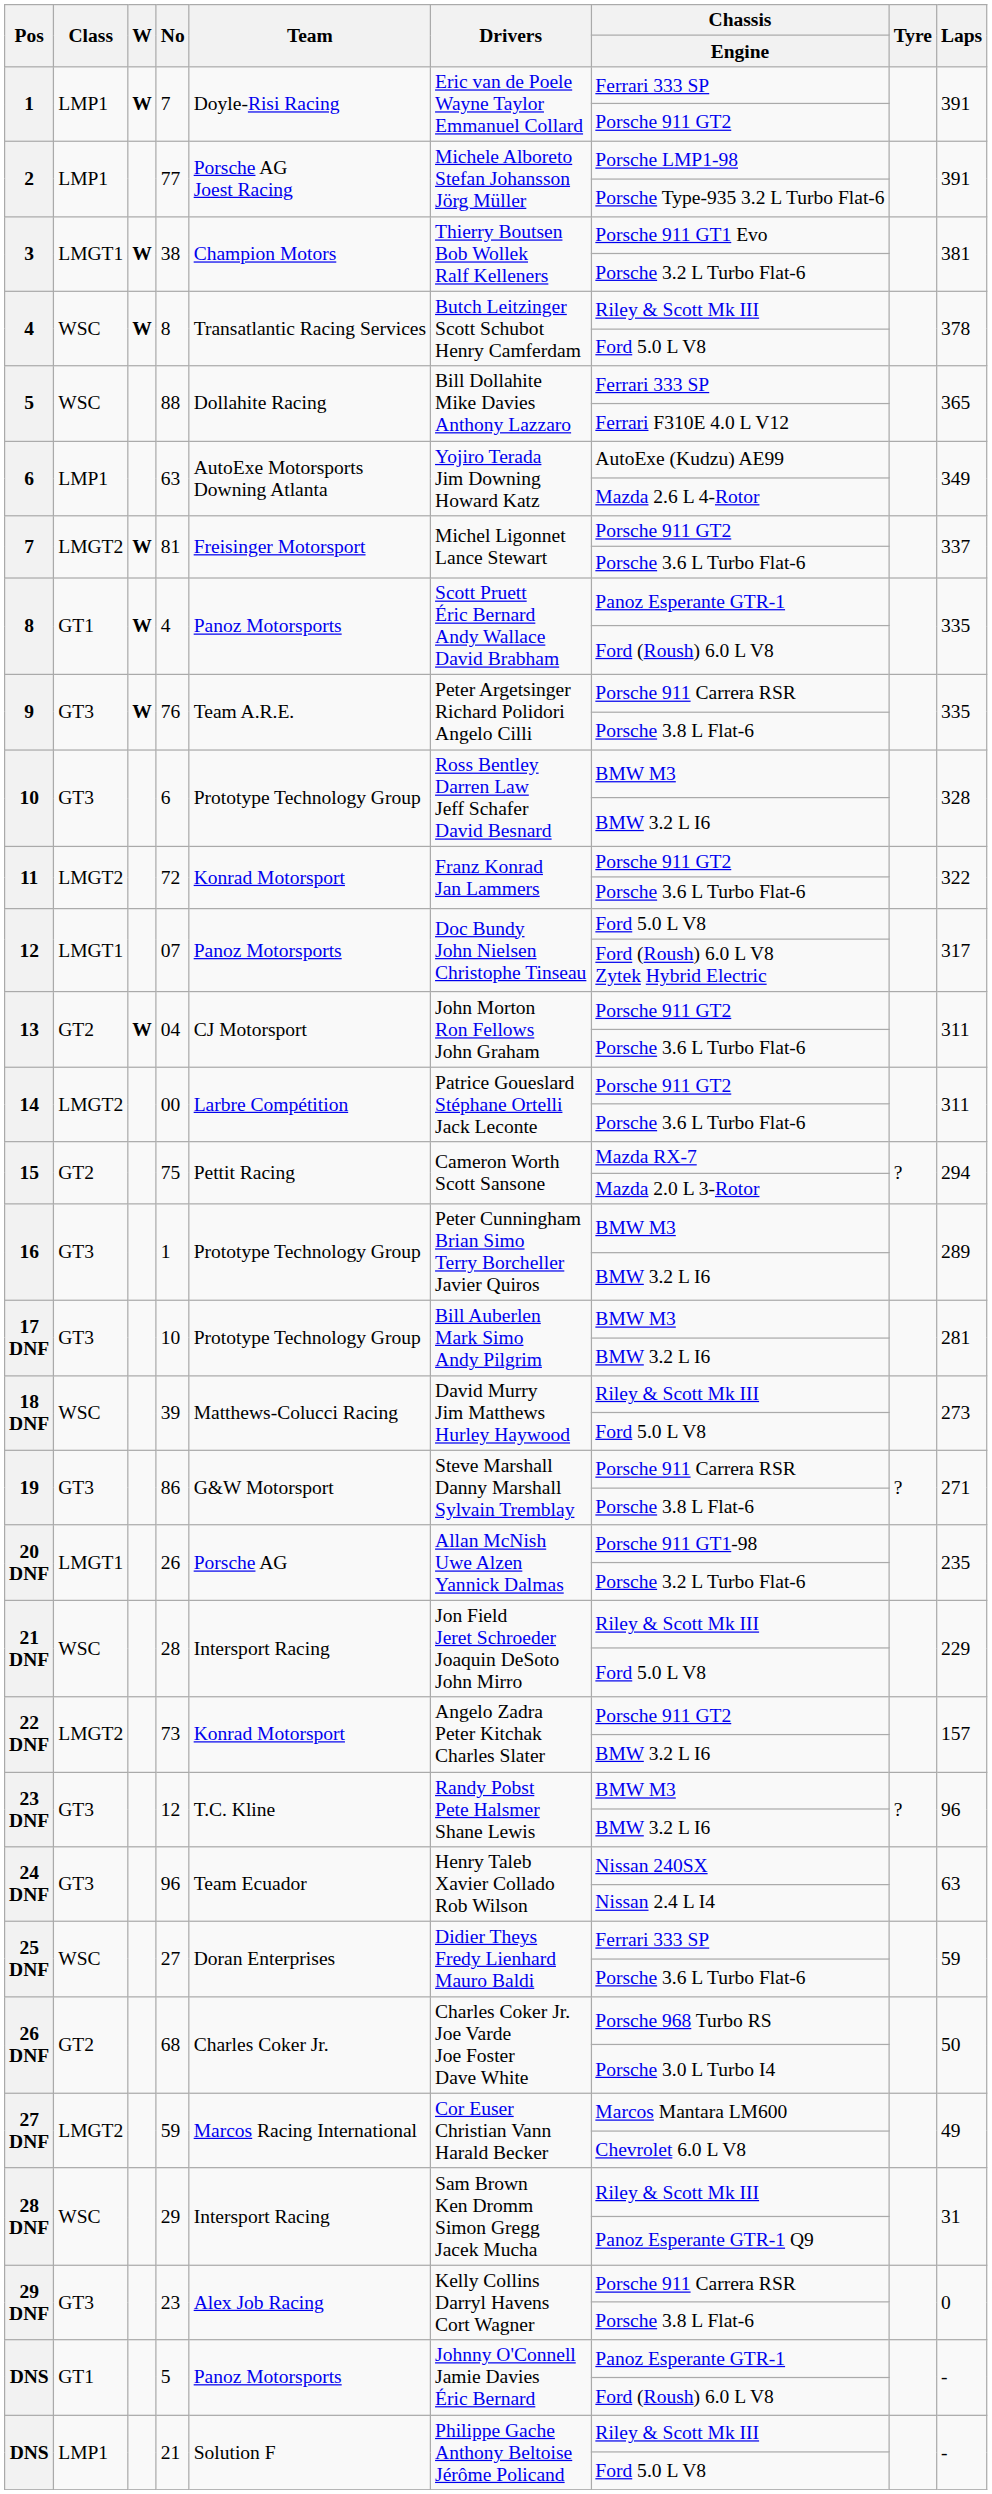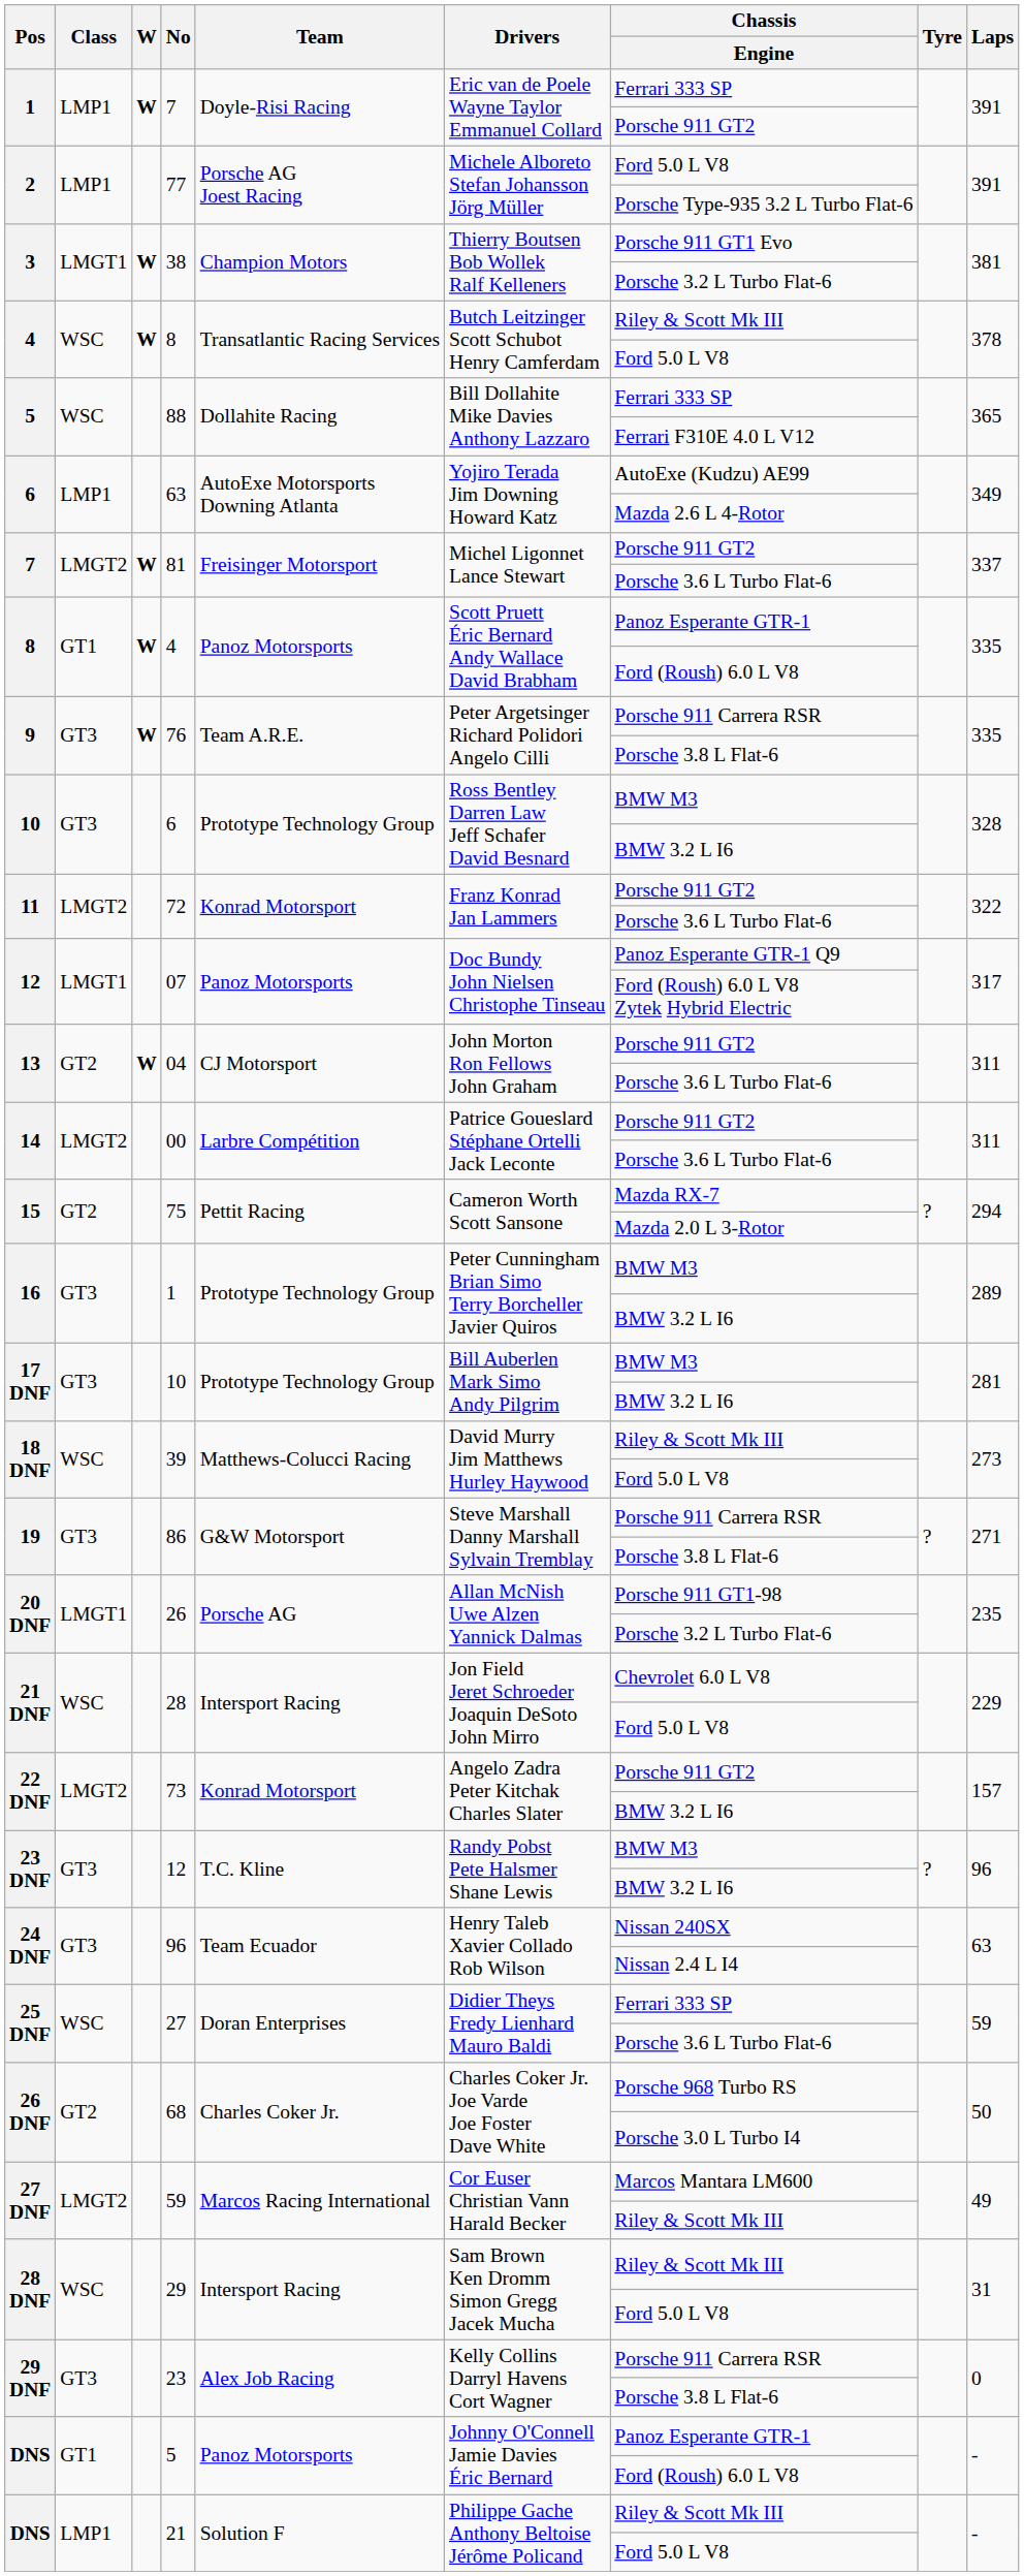 <table class="wikitable">
 <tr>
 <th rowspan=2>Pos</th>
 <th rowspan=2>Class</th>
 <th rowspan=2>W</th>
 <th rowspan=2>No</th>
 <th rowspan=2>Team</th>
 <th rowspan=2>Drivers</th>
 <th>Chassis</th>
 <th rowspan=2>Tyre</th>
 <th rowspan=2>Laps</th>
 </tr>
 <tr>
 <th>Engine</th>
 </tr>
 <tr>
 <th rowspan=2>1</th>
 <td rowspan=2>LMP1</td>
 <td rowspan=2><strong>W</strong></td>
 <td rowspan=2>7</td>
 <td rowspan=2> Doyle-<a href='#'>Risi Racing</a></td>
 <td rowspan=2> <a href='#'>Eric van de Poele</a><br> <a href='#'>Wayne Taylor</a><br> <a href='#'>Emmanuel Collard</a></td>
 <td><a href='#'>Ferrari 333 SP</a></td>
 <td rowspan=2></td>
 <td rowspan=2>391</td>
 </tr>
 <tr>
 <td><a href='#'>Porsche 911 GT2</a></td>
 </tr>
 <tr>
 <th rowspan=2>2</th>
 <td rowspan=2>LMP1</td>
 <td rowspan=2></td>
 <td rowspan=2>77</td>
 <td rowspan=2> <a href='#'>Porsche</a> AG<br> <a href='#'>Joest Racing</a></td>
 <td rowspan=2> <a href='#'>Michele Alboreto</a><br> <a href='#'>Stefan Johansson</a><br> <a href='#'>Jörg Müller</a></td>
-<td><a href='#'>Porsche LMP1-98</a></td>
+<td><a href='#'>Ford</a> 5.0 L V8</td>
 <td rowspan=2></td>
 <td rowspan=2>391</td>
 </tr>
 <tr>
 <td><a href='#'>Porsche</a> Type-935 3.2 L Turbo Flat-6</td>
 </tr>
 <tr>
 <th rowspan=2>3</th>
 <td rowspan=2>LMGT1</td>
 <td rowspan=2><strong>W</strong></td>
 <td rowspan=2>38</td>
 <td rowspan=2> <a href='#'>Champion Motors</a></td>
 <td rowspan=2> <a href='#'>Thierry Boutsen</a><br> <a href='#'>Bob Wollek</a><br> <a href='#'>Ralf Kelleners</a></td>
 <td><a href='#'>Porsche 911 GT1</a> Evo</td>
 <td rowspan=2></td>
 <td rowspan=2>381</td>
 </tr>
 <tr>
 <td><a href='#'>Porsche</a> 3.2 L Turbo Flat-6</td>
 </tr>
 <tr>
 <th rowspan=2>4</th>
 <td rowspan=2>WSC</td>
 <td rowspan=2><strong>W</strong></td>
 <td rowspan=2>8</td>
 <td rowspan=2> Transatlantic Racing Services</td>
 <td rowspan=2> <a href='#'>Butch Leitzinger</a><br> Scott Schubot<br> Henry Camferdam</td>
 <td><a href='#'>Riley & Scott Mk III</a></td>
 <td rowspan=2></td>
 <td rowspan=2>378</td>
 </tr>
 <tr>
 <td><a href='#'>Ford</a> 5.0 L V8</td>
 </tr>
 <tr>
 <th rowspan=2>5</th>
 <td rowspan=2>WSC</td>
 <td rowspan=2></td>
 <td rowspan=2>88</td>
 <td rowspan=2> Dollahite Racing</td>
 <td rowspan=2> Bill Dollahite<br> Mike Davies<br> <a href='#'>Anthony Lazzaro</a></td>
 <td><a href='#'>Ferrari 333 SP</a></td>
 <td rowspan=2></td>
 <td rowspan=2>365</td>
 </tr>
 <tr>
 <td><a href='#'>Ferrari</a> F310E 4.0 L V12</td>
 </tr>
 <tr>
 <th rowspan=2>6</th>
 <td rowspan=2>LMP1</td>
 <td rowspan=2></td>
 <td rowspan=2>63</td>
 <td rowspan=2> AutoExe Motorsports<br> Downing Atlanta</td>
 <td rowspan=2> <a href='#'>Yojiro Terada</a><br> Jim Downing<br> Howard Katz</td>
 <td>AutoExe (Kudzu) AE99</td>
 <td rowspan=2></td>
 <td rowspan=2>349</td>
 </tr>
 <tr>
 <td><a href='#'>Mazda</a> 2.6 L 4-<a href='#'>Rotor</a></td>
 </tr>
 <tr>
 <th rowspan=2>7</th>
 <td rowspan=2>LMGT2</td>
 <td rowspan=2><strong>W</strong></td>
 <td rowspan=2>81</td>
 <td rowspan=2> <a href='#'>Freisinger Motorsport</a></td>
 <td rowspan=2> Michel Ligonnet<br> Lance Stewart</td>
 <td><a href='#'>Porsche 911 GT2</a></td>
 <td rowspan=2></td>
 <td rowspan=2>337</td>
 </tr>
 <tr>
 <td><a href='#'>Porsche</a> 3.6 L Turbo Flat-6</td>
 </tr>
 <tr>
 <th rowspan=2>8</th>
 <td rowspan=2>GT1</td>
 <td rowspan=2><strong>W</strong></td>
 <td rowspan=2>4</td>
 <td rowspan=2> <a href='#'>Panoz Motorsports</a></td>
 <td rowspan=2> <a href='#'>Scott Pruett</a><br> <a href='#'>Éric Bernard</a><br> <a href='#'>Andy Wallace</a><br> <a href='#'>David Brabham</a></td>
 <td><a href='#'>Panoz Esperante GTR-1</a></td>
 <td rowspan=2></td>
 <td rowspan=2>335</td>
 </tr>
 <tr>
 <td><a href='#'>Ford</a> (<a href='#'>Roush</a>) 6.0 L V8</td>
 </tr>
 <tr>
 <th rowspan=2>9</th>
 <td rowspan=2>GT3</td>
 <td rowspan=2><strong>W</strong></td>
 <td rowspan=2>76</td>
 <td rowspan=2> Team A.R.E.</td>
 <td rowspan=2> Peter Argetsinger<br> Richard Polidori<br> Angelo Cilli</td>
 <td><a href='#'>Porsche 911</a> Carrera RSR</td>
 <td rowspan=2></td>
 <td rowspan=2>335</td>
 </tr>
 <tr>
 <td><a href='#'>Porsche</a> 3.8 L Flat-6</td>
 </tr>
 <tr>
 <th rowspan=2>10</th>
 <td rowspan=2>GT3</td>
 <td rowspan=2></td>
 <td rowspan=2>6</td>
 <td rowspan=2> Prototype Technology Group</td>
 <td rowspan=2> <a href='#'>Ross Bentley</a><br> <a href='#'>Darren Law</a><br> Jeff Schafer<br> <a href='#'>David Besnard</a></td>
 <td><a href='#'>BMW M3</a></td>
 <td rowspan=2></td>
 <td rowspan=2>328</td>
 </tr>
 <tr>
 <td><a href='#'>BMW</a> 3.2 L I6</td>
 </tr>
 <tr>
 <th rowspan=2>11</th>
 <td rowspan=2>LMGT2</td>
 <td rowspan=2></td>
 <td rowspan=2>72</td>
 <td rowspan=2> <a href='#'>Konrad Motorsport</a></td>
 <td rowspan=2> <a href='#'>Franz Konrad</a><br> <a href='#'>Jan Lammers</a></td>
 <td><a href='#'>Porsche 911 GT2</a></td>
 <td rowspan=2></td>
 <td rowspan=2>322</td>
 </tr>
 <tr>
 <td><a href='#'>Porsche</a> 3.6 L Turbo Flat-6</td>
 </tr>
 <tr>
 <th rowspan=2>12</th>
 <td rowspan=2>LMGT1</td>
 <td rowspan=2></td>
 <td rowspan=2>07</td>
 <td rowspan=2> <a href='#'>Panoz Motorsports</a></td>
 <td rowspan=2> <a href='#'>Doc Bundy</a><br> <a href='#'>John Nielsen</a><br> <a href='#'>Christophe Tinseau</a></td>
-<td><a href='#'>Ford</a> 5.0 L V8</td>
+<td><a href='#'>Panoz Esperante GTR-1</a> Q9</td>
 <td rowspan=2></td>
 <td rowspan=2>317</td>
 </tr>
 <tr>
 <td><a href='#'>Ford</a> (<a href='#'>Roush</a>) 6.0 L V8<br><a href='#'>Zytek</a> <a href='#'>Hybrid Electric</a></td>
 </tr>
 <tr>
 <th rowspan=2>13</th>
 <td rowspan=2>GT2</td>
 <td rowspan=2><strong>W</strong></td>
 <td rowspan=2>04</td>
 <td rowspan=2> CJ Motorsport</td>
 <td rowspan=2> John Morton<br> <a href='#'>Ron Fellows</a><br> John Graham</td>
 <td><a href='#'>Porsche 911 GT2</a></td>
 <td rowspan=2></td>
 <td rowspan=2>311</td>
 </tr>
 <tr>
 <td><a href='#'>Porsche</a> 3.6 L Turbo Flat-6</td>
 </tr>
 <tr>
 <th rowspan=2>14</th>
 <td rowspan=2>LMGT2</td>
 <td rowspan=2></td>
 <td rowspan=2>00</td>
 <td rowspan=2> <a href='#'>Larbre Compétition</a></td>
 <td rowspan=2> Patrice Goueslard<br> <a href='#'>Stéphane Ortelli</a><br> Jack Leconte</td>
 <td><a href='#'>Porsche 911 GT2</a></td>
 <td rowspan=2></td>
 <td rowspan=2>311</td>
 </tr>
 <tr>
 <td><a href='#'>Porsche</a> 3.6 L Turbo Flat-6</td>
 </tr>
 <tr>
 <th rowspan=2>15</th>
 <td rowspan=2>GT2</td>
 <td rowspan=2></td>
 <td rowspan=2>75</td>
 <td rowspan=2> Pettit Racing</td>
 <td rowspan=2> Cameron Worth<br> Scott Sansone</td>
 <td><a href='#'>Mazda RX-7</a></td>
 <td rowspan=2>?</td>
 <td rowspan=2>294</td>
 </tr>
 <tr>
 <td><a href='#'>Mazda</a> 2.0 L 3-<a href='#'>Rotor</a></td>
 </tr>
 <tr>
 <th rowspan=2>16</th>
 <td rowspan=2>GT3</td>
 <td rowspan=2></td>
 <td rowspan=2>1</td>
 <td rowspan=2> Prototype Technology Group</td>
 <td rowspan=2> Peter Cunningham<br> <a href='#'>Brian Simo</a><br> <a href='#'>Terry Borcheller</a><br> Javier Quiros</td>
 <td><a href='#'>BMW M3</a></td>
 <td rowspan=2></td>
 <td rowspan=2>289</td>
 </tr>
 <tr>
 <td><a href='#'>BMW</a> 3.2 L I6</td>
 </tr>
 <tr>
 <th rowspan=2>17<br>DNF</th>
 <td rowspan=2>GT3</td>
 <td rowspan=2></td>
 <td rowspan=2>10</td>
 <td rowspan=2> Prototype Technology Group</td>
 <td rowspan=2> <a href='#'>Bill Auberlen</a><br> <a href='#'>Mark Simo</a><br> <a href='#'>Andy Pilgrim</a></td>
 <td><a href='#'>BMW M3</a></td>
 <td rowspan=2></td>
 <td rowspan=2>281</td>
 </tr>
 <tr>
 <td><a href='#'>BMW</a> 3.2 L I6</td>
 </tr>
 <tr>
 <th rowspan=2>18<br>DNF</th>
 <td rowspan=2>WSC</td>
 <td rowspan=2></td>
 <td rowspan=2>39</td>
 <td rowspan=2> Matthews-Colucci Racing</td>
 <td rowspan=2> David Murry<br> Jim Matthews<br> <a href='#'>Hurley Haywood</a></td>
 <td><a href='#'>Riley & Scott Mk III</a></td>
 <td rowspan=2></td>
 <td rowspan=2>273</td>
 </tr>
 <tr>
 <td><a href='#'>Ford</a> 5.0 L V8</td>
 </tr>
 <tr>
 <th rowspan=2>19</th>
 <td rowspan=2>GT3</td>
 <td rowspan=2></td>
 <td rowspan=2>86</td>
 <td rowspan=2> G&W Motorsport</td>
 <td rowspan=2> Steve Marshall<br> Danny Marshall<br> <a href='#'>Sylvain Tremblay</a></td>
 <td><a href='#'>Porsche 911</a> Carrera RSR</td>
 <td rowspan=2>?</td>
 <td rowspan=2>271</td>
 </tr>
 <tr>
 <td><a href='#'>Porsche</a> 3.8 L Flat-6</td>
 </tr>
 <tr>
 <th rowspan=2>20<br>DNF</th>
 <td rowspan=2>LMGT1</td>
 <td rowspan=2></td>
 <td rowspan=2>26</td>
 <td rowspan=2> <a href='#'>Porsche</a> AG</td>
 <td rowspan=2> <a href='#'>Allan McNish</a><br> <a href='#'>Uwe Alzen</a><br> <a href='#'>Yannick Dalmas</a></td>
 <td><a href='#'>Porsche 911 GT1</a>-98</td>
 <td rowspan=2></td>
 <td rowspan=2>235</td>
 </tr>
 <tr>
 <td><a href='#'>Porsche</a> 3.2 L Turbo Flat-6</td>
 </tr>
 <tr>
 <th rowspan=2>21<br>DNF</th>
 <td rowspan=2>WSC</td>
 <td rowspan=2></td>
 <td rowspan=2>28</td>
 <td rowspan=2> Intersport Racing</td>
 <td rowspan=2> Jon Field<br> <a href='#'>Jeret Schroeder</a><br> Joaquin DeSoto<br> John Mirro</td>
-<td><a href='#'>Riley & Scott Mk III</a></td>
+<td><a href='#'>Chevrolet</a> 6.0 L V8</td>
 <td rowspan=2></td>
 <td rowspan=2>229</td>
 </tr>
 <tr>
 <td><a href='#'>Ford</a> 5.0 L V8</td>
 </tr>
 <tr>
 <th rowspan=2>22<br>DNF</th>
 <td rowspan=2>LMGT2</td>
 <td rowspan=2></td>
 <td rowspan=2>73</td>
 <td rowspan=2> <a href='#'>Konrad Motorsport</a></td>
 <td rowspan=2> Angelo Zadra<br> Peter Kitchak<br> Charles Slater</td>
 <td><a href='#'>Porsche 911 GT2</a></td>
 <td rowspan=2></td>
 <td rowspan=2>157</td>
 </tr>
 <tr>
 <td><a href='#'>BMW</a> 3.2 L I6</td>
 </tr>
 <tr>
 <th rowspan=2>23<br>DNF</th>
 <td rowspan=2>GT3</td>
 <td rowspan=2></td>
 <td rowspan=2>12</td>
 <td rowspan=2> T.C. Kline</td>
 <td rowspan=2> <a href='#'>Randy Pobst</a><br> <a href='#'>Pete Halsmer</a><br> Shane Lewis</td>
 <td><a href='#'>BMW M3</a></td>
 <td rowspan=2>?</td>
 <td rowspan=2>96</td>
 </tr>
 <tr>
 <td><a href='#'>BMW</a> 3.2 L I6</td>
 </tr>
 <tr>
 <th rowspan=2>24<br>DNF</th>
 <td rowspan=2>GT3</td>
 <td rowspan=2></td>
 <td rowspan=2>96</td>
 <td rowspan=2> Team Ecuador</td>
 <td rowspan=2> Henry Taleb<br> Xavier Collado<br> Rob Wilson</td>
 <td><a href='#'>Nissan 240SX</a></td>
 <td rowspan=2></td>
 <td rowspan=2>63</td>
 </tr>
 <tr>
 <td><a href='#'>Nissan</a> 2.4 L I4</td>
 </tr>
 <tr>
 <th rowspan=2>25<br>DNF</th>
 <td rowspan=2>WSC</td>
 <td rowspan=2></td>
 <td rowspan=2>27</td>
 <td rowspan=2> Doran Enterprises</td>
 <td rowspan=2> <a href='#'>Didier Theys</a><br> <a href='#'>Fredy Lienhard</a><br> <a href='#'>Mauro Baldi</a></td>
 <td><a href='#'>Ferrari 333 SP</a></td>
 <td rowspan=2></td>
 <td rowspan=2>59</td>
 </tr>
 <tr>
 <td><a href='#'>Porsche</a> 3.6 L Turbo Flat-6</td>
 </tr>
 <tr>
 <th rowspan=2>26<br>DNF</th>
 <td rowspan=2>GT2</td>
 <td rowspan=2></td>
 <td rowspan=2>68</td>
 <td rowspan=2> Charles Coker Jr.</td>
 <td rowspan=2> Charles Coker Jr.<br> Joe Varde<br> Joe Foster<br> Dave White</td>
 <td><a href='#'>Porsche 968</a> Turbo RS</td>
 <td rowspan=2></td>
 <td rowspan=2>50</td>
 </tr>
 <tr>
 <td><a href='#'>Porsche</a> 3.0 L Turbo I4</td>
 </tr>
 <tr>
 <th rowspan=2>27<br>DNF</th>
 <td rowspan=2>LMGT2</td>
 <td rowspan=2></td>
 <td rowspan=2>59</td>
 <td rowspan=2> <a href='#'>Marcos</a> Racing International</td>
 <td rowspan=2> <a href='#'>Cor Euser</a><br> Christian Vann<br> Harald Becker</td>
 <td><a href='#'>Marcos</a> Mantara LM600</td>
 <td rowspan=2></td>
 <td rowspan=2>49</td>
 </tr>
 <tr>
-<td><a href='#'>Chevrolet</a> 6.0 L V8</td>
+<td><a href='#'>Riley & Scott Mk III</a></td>
 </tr>
 <tr>
 <th rowspan=2>28<br>DNF</th>
 <td rowspan=2>WSC</td>
 <td rowspan=2></td>
 <td rowspan=2>29</td>
 <td rowspan=2> Intersport Racing</td>
 <td rowspan=2> Sam Brown<br> Ken Dromm<br> Simon Gregg<br> Jacek Mucha</td>
 <td><a href='#'>Riley & Scott Mk III</a></td>
 <td rowspan=2></td>
 <td rowspan=2>31</td>
 </tr>
 <tr>
-<td><a href='#'>Panoz Esperante GTR-1</a> Q9</td>
+<td><a href='#'>Ford</a> 5.0 L V8</td>
 </tr>
 <tr>
 <th rowspan=2>29<br>DNF</th>
 <td rowspan=2>GT3</td>
 <td rowspan=2></td>
 <td rowspan=2>23</td>
 <td rowspan=2> <a href='#'>Alex Job Racing</a></td>
 <td rowspan=2> Kelly Collins<br> Darryl Havens<br> Cort Wagner</td>
 <td><a href='#'>Porsche 911</a> Carrera RSR</td>
 <td rowspan=2></td>
 <td rowspan=2>0</td>
 </tr>
 <tr>
 <td><a href='#'>Porsche</a> 3.8 L Flat-6</td>
 </tr>
 <tr>
 <th rowspan=2>DNS</th>
 <td rowspan=2>GT1</td>
 <td rowspan=2></td>
 <td rowspan=2>5</td>
 <td rowspan=2> <a href='#'>Panoz Motorsports</a></td>
 <td rowspan=2> <a href='#'>Johnny O'Connell</a><br> Jamie Davies<br> <a href='#'>Éric Bernard</a></td>
 <td><a href='#'>Panoz Esperante GTR-1</a></td>
 <td rowspan=2></td>
 <td rowspan=2>-</td>
 </tr>
 <tr>
 <td><a href='#'>Ford</a> (<a href='#'>Roush</a>) 6.0 L V8</td>
 </tr>
 <tr>
 <th rowspan=2>DNS</th>
 <td rowspan=2>LMP1</td>
 <td rowspan=2></td>
 <td rowspan=2>21</td>
 <td rowspan=2> Solution F</td>
 <td rowspan=2> <a href='#'>Philippe Gache</a><br> <a href='#'>Anthony Beltoise</a><br> <a href='#'>Jérôme Policand</a></td>
 <td><a href='#'>Riley & Scott Mk III</a></td>
 <td rowspan=2></td>
 <td rowspan=2>-</td>
 </tr>
 <tr>
 <td><a href='#'>Ford</a> 5.0 L V8</td>
 </tr>
 </table>
